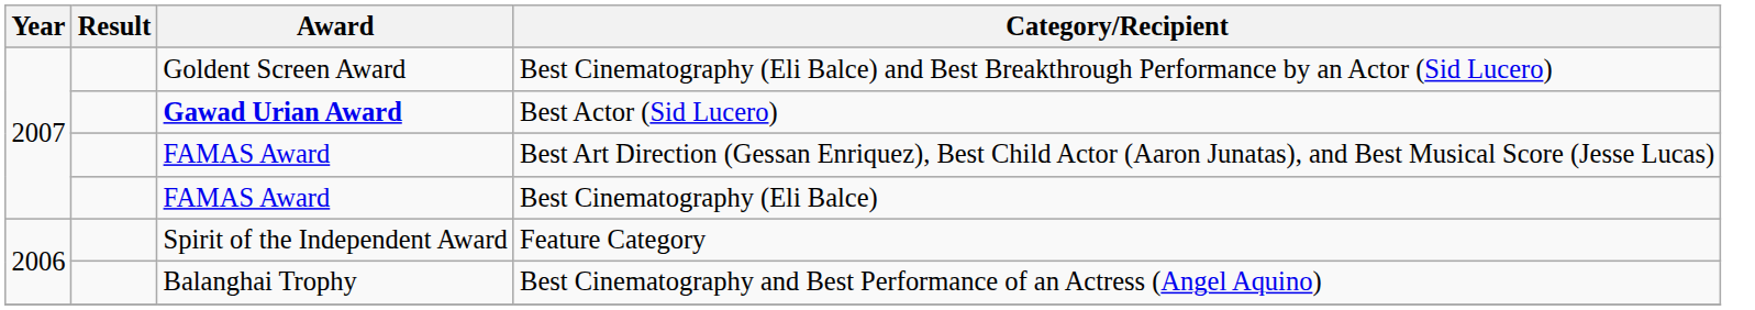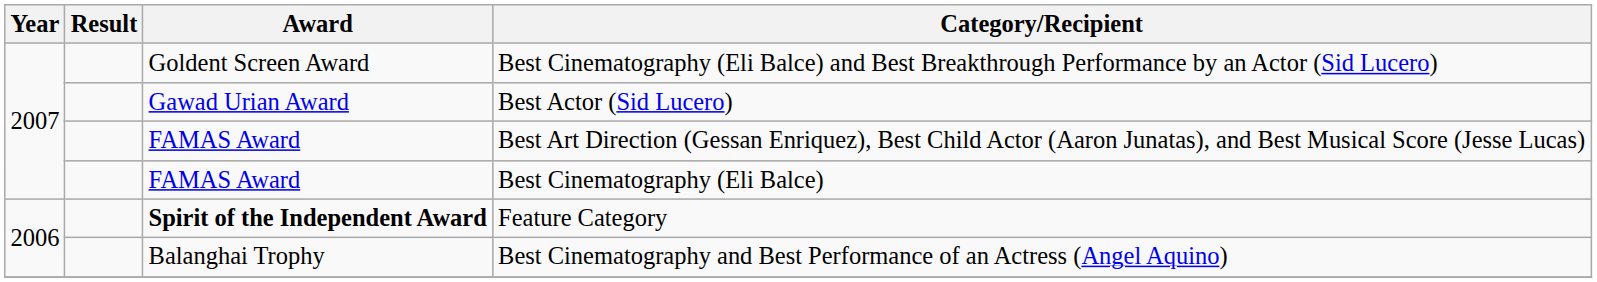 <table class=wikitable border="1" style="border-collapse:collapse;background:#f9f9f9;border: 1px #aaa solid;">
 <tr>
 <th>Year</th>
 <th>Result</th>
 <th>Award</th>
 <th>Category/Recipient</th>
 </tr>
 <tr>
 <td rowspan="4">2007</td>
 <td></td>
 <td>Goldent Screen Award</td>
 <td>Best Cinematography (Eli Balce) and Best Breakthrough Performance by an Actor (<a href='#'>Sid Lucero</a>)</td>
 </tr>
 <tr>
 <td></td>
-<td><strong><a href='#'>Gawad Urian Award</a></strong></td>
+<td><a href='#'>Gawad Urian Award</a></td>
 <td>Best Actor (<a href='#'>Sid Lucero</a>)</td>
 </tr>
 <tr>
 <td></td>
 <td><a href='#'>FAMAS Award</a></td>
 <td>Best Art Direction (Gessan Enriquez), Best Child Actor (Aaron Junatas), and Best Musical Score (Jesse Lucas)</td>
 </tr>
 <tr>
 <td></td>
 <td><a href='#'>FAMAS Award</a></td>
 <td>Best Cinematography (Eli Balce)</td>
 </tr>
 <tr>
 <td rowspan="2">2006</td>
 <td></td>
-<td>Spirit of the Independent Award</td>
+<td><strong>Spirit of the Independent Award</strong></td>
 <td>Feature Category</td>
 </tr>
 <tr>
 <td></td>
 <td>Balanghai Trophy</td>
 <td>Best Cinematography and Best Performance of an Actress (<a href='#'>Angel Aquino</a>)</td>
 </tr>
 <tr>
 </tr>
 </table>
